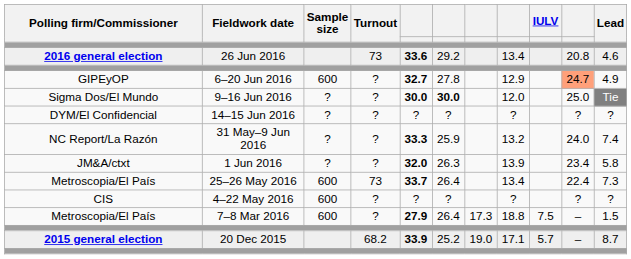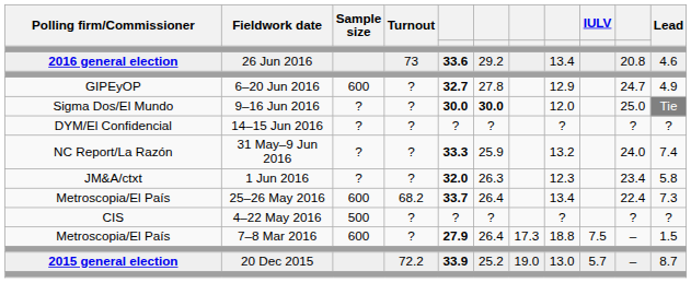 <table class="wikitable collapsible collapsed" style="text-align:center; font-size:95%; line-height:16px;">
 <tr style="height:42px; background-color:#E9E9E9">
 <th style="width:250px;" rowspan="2">Polling firm/Commissioner</th>
 <th style="width:125px;" rowspan="2">Fieldwork date</th>
 <th style="width:50px;" rowspan="2">Sample size</th>
 <th style="width:45px;" rowspan="2">Turnout</th>
 <th style="width:35px;"></th>
 <th style="width:35px;"></th>
 <th style="width:35px;"></th>
 <th style="width:35px;"></th>
 <th style="width:35px;"><a href='#'>IULV</a></th>
 <th style="width:35px;"></th>
 <th style="width:30px;" rowspan="2">Lead</th>
 </tr>
 <tr>
 <th style="color:inherit;background:"></th>
 <th style="color:inherit;background:"></th>
 <th style="color:inherit;background:"></th>
 <th style="color:inherit;background:"></th>
 <th style="color:inherit;background:"></th>
 <th style="color:inherit;background:"></th>
 </tr>
 <tr>
 <td colspan="11" style="background:#A0A0A0"></td>
 </tr>
 <tr style="background:#EFEFEF;">
 <td><strong><a href='#'>2016 general election</a></strong></td>
 <td>26 Jun 2016</td>
 <td></td>
 <td>73</td>
 <td><strong>33.6</strong><br></td>
 <td>29.2<br></td>
 <td></td>
 <td>13.4<br></td>
 <td></td>
 <td>20.8<br></td>
 <td style="background:">4.6</td>
 </tr>
 <tr>
 <td colspan="11" style="background:#A0A0A0"></td>
 </tr>
 <tr>
 <td>GIPEyOP</td>
 <td>6–20 Jun 2016</td>
 <td>600</td>
 <td>?</td>
 <td><strong>32.7</strong><br></td>
 <td>27.8<br></td>
 <td></td>
 <td>12.9<br></td>
 <td></td>
-<td style="background: lightsalmon;">24.7<br></td>
+<td>24.7<br></td>
 <td style="background:">4.9</td>
 </tr>
 <tr>
 <td>Sigma Dos/El Mundo</td>
 <td>9–16 Jun 2016</td>
 <td>?</td>
 <td>?</td>
 <td><strong>30.0</strong><br></td>
 <td><strong>30.0</strong><br></td>
 <td></td>
 <td>12.0<br></td>
 <td></td>
 <td>25.0<br></td>
 <td style="background:gray;color:white;">Tie</td>
 </tr>
 <tr>
 <td>DYM/El Confidencial</td>
 <td>14–15 Jun 2016</td>
 <td>?</td>
 <td>?</td>
 <td>?<br></td>
 <td>?<br></td>
 <td></td>
 <td>?<br></td>
 <td></td>
 <td>?<br></td>
 <td style="background:">?</td>
 </tr>
 <tr>
 <td>NC Report/La Razón</td>
 <td>31 May–9 Jun 2016</td>
 <td>?</td>
 <td>?</td>
 <td><strong>33.3</strong><br></td>
 <td>25.9<br></td>
 <td></td>
 <td>13.2<br></td>
 <td></td>
 <td>24.0<br></td>
 <td style="background:">7.4</td>
 </tr>
 <tr>
 <td>JM&A/ctxt</td>
 <td>1 Jun 2016</td>
 <td>?</td>
 <td>?</td>
 <td><strong>32.0</strong><br></td>
 <td>26.3<br></td>
 <td></td>
-<td>13.9<br></td>
+<td>12.3<br></td>
 <td></td>
 <td>23.4<br></td>
 <td style="background:">5.8</td>
 </tr>
 <tr>
 <td>Metroscopia/El País</td>
 <td>25–26 May 2016</td>
 <td>600</td>
-<td>73</td>
+<td>68.2</td>
 <td><strong>33.7</strong><br></td>
 <td>26.4<br></td>
 <td></td>
 <td>13.4<br></td>
 <td></td>
 <td>22.4<br></td>
 <td style="background:">7.3</td>
 </tr>
 <tr>
 <td>CIS</td>
 <td>4–22 May 2016</td>
-<td>600</td>
+<td>500</td>
 <td>?</td>
 <td>?<br></td>
 <td>?<br></td>
 <td></td>
 <td>?<br></td>
 <td></td>
 <td>?<br></td>
 <td style="background:">?</td>
 </tr>
 <tr>
 <td>Metroscopia/El País</td>
 <td>7–8 Mar 2016</td>
 <td>600</td>
 <td>?</td>
 <td><strong>27.9</strong><br></td>
 <td>26.4<br></td>
 <td>17.3<br></td>
 <td>18.8<br></td>
 <td>7.5<br></td>
 <td>–</td>
 <td style="background:">1.5</td>
 </tr>
 <tr>
 <td colspan="11" style="background:#A0A0A0"></td>
 </tr>
 <tr style="background:#EFEFEF;">
 <td><strong><a href='#'>2015 general election</a></strong></td>
 <td>20 Dec 2015</td>
 <td></td>
-<td>68.2</td>
+<td>72.2</td>
 <td><strong>33.9</strong><br></td>
 <td>25.2<br></td>
 <td>19.0<br></td>
-<td>17.1<br></td>
+<td>13.0<br></td>
 <td>5.7<br></td>
 <td>–</td>
 <td style="background:">8.7</td>
 </tr>
 <tr>
 <td colspan="11" style="background:#A0A0A0"></td>
 </tr>
 </table>
